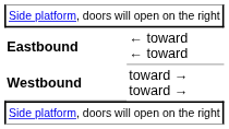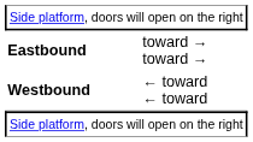 <table table border=0 cellspacing=0 cellpadding=3>
 <tr>
 <td style="border-bottom:solid 2px black;border-right:solid 2px black;border-left:solid 2px black;border-top:solid 1px gray;text-align:center;" colspan=2><small><a href='#'>Side platform</a>, doors will open on the right</small></td>
 </tr>
 <tr>
 <td style="border-bottom:solid 0px gray;"><strong>Eastbound</strong></td>
-<td style="border-bottom:solid 1px gray;">← <strong></strong> toward  <br>← <strong></strong> toward  </td>
+<td style="border-bottom:solid 0px gray;"> <strong></strong> toward   →<br> <strong></strong> toward   →</td>
 </tr>
 <tr>
 <td style="border-bottom:solid 1px gray;"><strong>Westbound</strong></td>
-<td style="border-bottom:solid 0px gray;"> <strong></strong> toward   →<br> <strong></strong> toward   →</td>
+<td style="border-bottom:solid 1px gray;">← <strong></strong> toward  <br>← <strong></strong> toward  </td>
 </tr>
 <tr>
 <td style="border-top:solid 2px black;border-right:solid 2px black;border-left:solid 2px black;border-bottom:solid 1px gray;text-align:center;" colspan=2><small><a href='#'>Side platform</a>, doors will open on the right</small></td>
 </tr>
 </table>
